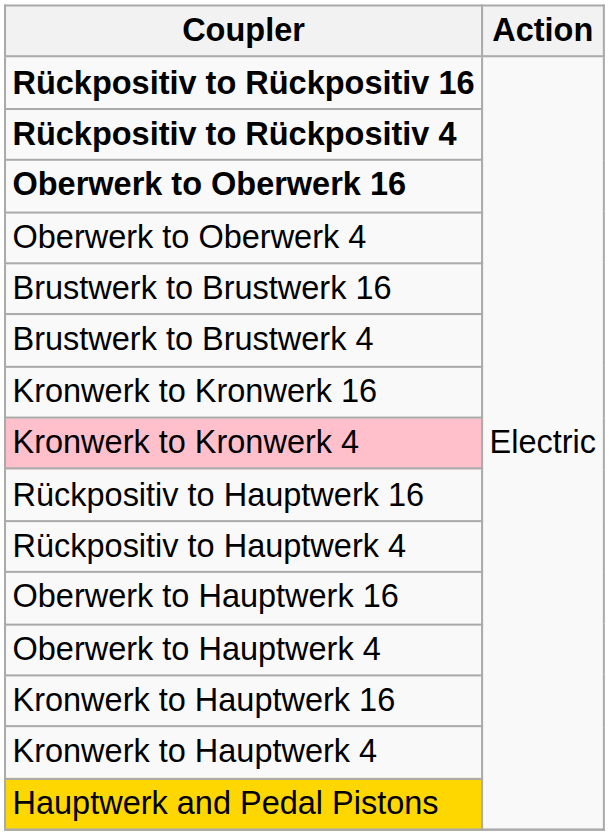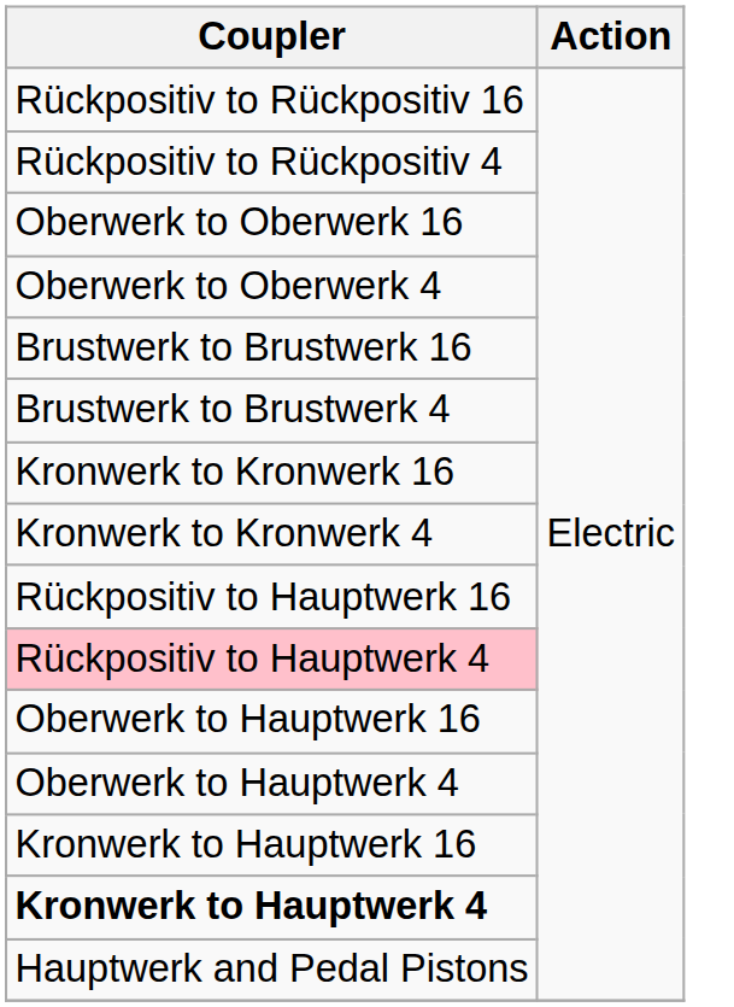 <table class="wikitable" style="display: inline-table;">
 <tr>
 <th>Coupler</th>
 <th>Action</th>
 </tr>
 <tr>
-<td><strong>Rückpositiv to Rückpositiv 16</strong></td>
+<td>Rückpositiv to Rückpositiv 16</td>
 <td rowspan=15>Electric</td>
 </tr>
 <tr>
-<td><strong>Rückpositiv to Rückpositiv 4</strong></td>
+<td>Rückpositiv to Rückpositiv 4</td>
 </tr>
 <tr>
-<td><strong>Oberwerk to Oberwerk 16</strong></td>
+<td>Oberwerk to Oberwerk 16</td>
 </tr>
 <tr>
 <td>Oberwerk to Oberwerk 4</td>
 </tr>
 <tr>
 <td>Brustwerk to Brustwerk 16</td>
 </tr>
 <tr>
 <td>Brustwerk to Brustwerk 4</td>
 </tr>
 <tr>
 <td>Kronwerk to Kronwerk 16</td>
 </tr>
 <tr>
-<td style="background: pink;">Kronwerk to Kronwerk 4</td>
+<td>Kronwerk to Kronwerk 4</td>
 </tr>
 <tr>
 <td>Rückpositiv to Hauptwerk 16</td>
 </tr>
 <tr>
-<td>Rückpositiv to Hauptwerk 4</td>
+<td style="background: pink;">Rückpositiv to Hauptwerk 4</td>
 </tr>
 <tr>
 <td>Oberwerk to Hauptwerk 16</td>
 </tr>
 <tr>
 <td>Oberwerk to Hauptwerk 4</td>
 </tr>
 <tr>
 <td>Kronwerk to Hauptwerk 16</td>
 </tr>
 <tr>
-<td>Kronwerk to Hauptwerk 4</td>
+<td><strong>Kronwerk to Hauptwerk 4</strong></td>
 </tr>
 <tr>
-<td style="background: gold;">Hauptwerk and Pedal Pistons</td>
+<td>Hauptwerk and Pedal Pistons</td>
 </tr>
 <tr>
 </tr>
 </table>
